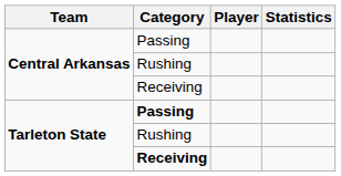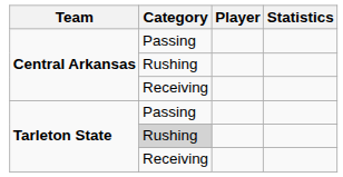 <table class="wikitable" style="float: right;">
 <tr>
 <th>Team</th>
 <th>Category</th>
 <th>Player</th>
 <th>Statistics</th>
 </tr>
 <tr>
 <td rowspan=3><strong>Central Arkansas</strong></td>
 <td>Passing</td>
 <td></td>
 <td></td>
 </tr>
 <tr>
 <td>Rushing</td>
 <td></td>
 <td></td>
 </tr>
 <tr>
 <td>Receiving</td>
 <td></td>
 <td></td>
 </tr>
 <tr>
 <td rowspan=3><strong>Tarleton State</strong></td>
-<td><strong>Passing</strong></td>
+<td>Passing</td>
 <td></td>
 <td></td>
 </tr>
 <tr>
-<td>Rushing</td>
+<td style="background: lightgrey;">Rushing</td>
 <td></td>
 <td></td>
 </tr>
 <tr>
-<td><strong>Receiving</strong></td>
+<td>Receiving</td>
 <td></td>
 <td></td>
 </tr>
 </table>
